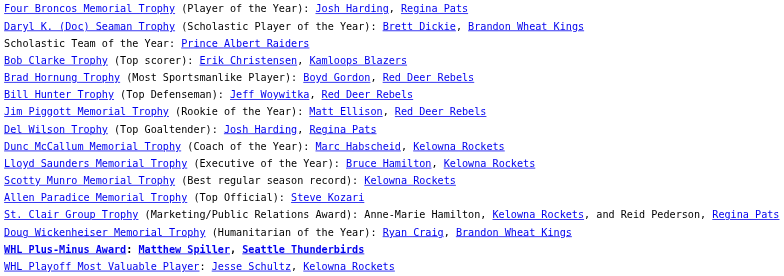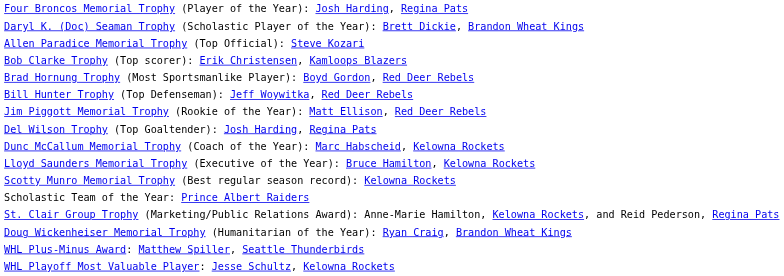 <table cellpadding="3" cellspacing="1">
 <tr>
 <td><a href='#'>Four Broncos Memorial Trophy</a> (Player of the Year): <a href='#'>Josh Harding</a>, <a href='#'>Regina Pats</a></td>
 </tr>
 <tr>
 <td><a href='#'>Daryl K. (Doc) Seaman Trophy</a> (Scholastic Player of the Year): <a href='#'>Brett Dickie</a>, <a href='#'>Brandon Wheat Kings</a></td>
 </tr>
 <tr>
-<td>Scholastic Team of the Year: <a href='#'>Prince Albert Raiders</a></td>
+<td><a href='#'>Allen Paradice Memorial Trophy</a> (Top Official): <a href='#'>Steve Kozari</a></td>
 </tr>
 <tr>
 <td><a href='#'>Bob Clarke Trophy</a> (Top scorer): <a href='#'>Erik Christensen</a>, <a href='#'>Kamloops Blazers</a></td>
 </tr>
 <tr>
 <td><a href='#'>Brad Hornung Trophy</a> (Most Sportsmanlike Player): <a href='#'>Boyd Gordon</a>, <a href='#'>Red Deer Rebels</a></td>
 </tr>
 <tr>
 <td><a href='#'>Bill Hunter Trophy</a> (Top Defenseman): <a href='#'>Jeff Woywitka</a>, <a href='#'>Red Deer Rebels</a></td>
 </tr>
 <tr>
 <td><a href='#'>Jim Piggott Memorial Trophy</a> (Rookie of the Year): <a href='#'>Matt Ellison</a>, <a href='#'>Red Deer Rebels</a></td>
 </tr>
 <tr>
 <td><a href='#'>Del Wilson Trophy</a> (Top Goaltender): <a href='#'>Josh Harding</a>, <a href='#'>Regina Pats</a></td>
 </tr>
 <tr>
 <td><a href='#'>Dunc McCallum Memorial Trophy</a> (Coach of the Year): <a href='#'>Marc Habscheid</a>, <a href='#'>Kelowna Rockets</a></td>
 </tr>
 <tr>
 <td><a href='#'>Lloyd Saunders Memorial Trophy</a> (Executive of the Year): <a href='#'>Bruce Hamilton</a>, <a href='#'>Kelowna Rockets</a></td>
 </tr>
 <tr>
 <td><a href='#'>Scotty Munro Memorial Trophy</a> (Best regular season record): <a href='#'>Kelowna Rockets</a></td>
 </tr>
 <tr>
-<td><a href='#'>Allen Paradice Memorial Trophy</a> (Top Official): <a href='#'>Steve Kozari</a></td>
+<td>Scholastic Team of the Year: <a href='#'>Prince Albert Raiders</a></td>
 </tr>
 <tr>
 <td><a href='#'>St. Clair Group Trophy</a> (Marketing/Public Relations Award): Anne-Marie Hamilton, <a href='#'>Kelowna Rockets</a>, and Reid Pederson, <a href='#'>Regina Pats</a></td>
 </tr>
 <tr>
 <td><a href='#'>Doug Wickenheiser Memorial Trophy</a> (Humanitarian of the Year): <a href='#'>Ryan Craig</a>, <a href='#'>Brandon Wheat Kings</a></td>
 </tr>
 <tr>
-<td><strong><a href='#'>WHL Plus-Minus Award</a>: <a href='#'>Matthew Spiller</a>, <a href='#'>Seattle Thunderbirds</a></strong></td>
+<td><a href='#'>WHL Plus-Minus Award</a>: <a href='#'>Matthew Spiller</a>, <a href='#'>Seattle Thunderbirds</a></td>
 </tr>
 <tr>
 <td><a href='#'>WHL Playoff Most Valuable Player</a>: <a href='#'>Jesse Schultz</a>, <a href='#'>Kelowna Rockets</a></td>
 </tr>
 </table>
